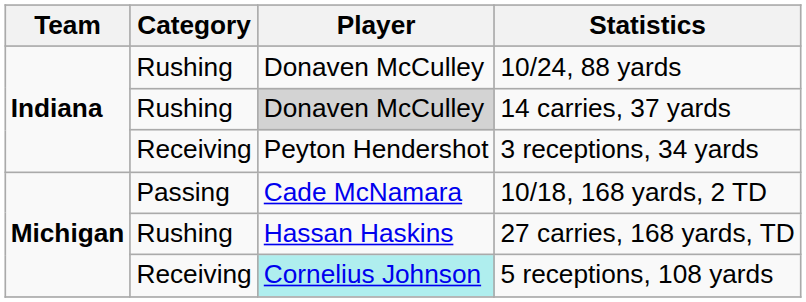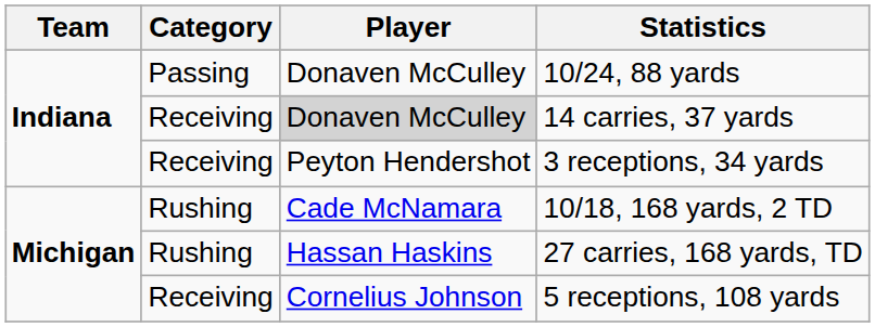 <table class="wikitable" style="float: right;">
 <tr>
 <th>Team</th>
 <th>Category</th>
 <th>Player</th>
 <th>Statistics</th>
 </tr>
 <tr>
 <td rowspan=3><strong>Indiana</strong></td>
-<td>Rushing</td>
+<td>Passing</td>
 <td>Donaven McCulley</td>
 <td>10/24, 88 yards</td>
 </tr>
 <tr>
-<td>Rushing</td>
+<td>Receiving</td>
 <td style="background: lightgrey;">Donaven McCulley</td>
 <td>14 carries, 37 yards</td>
 </tr>
 <tr>
 <td>Receiving</td>
 <td>Peyton Hendershot</td>
 <td>3 receptions, 34 yards</td>
 </tr>
 <tr>
 <td rowspan=3><strong>Michigan</strong></td>
-<td>Passing</td>
+<td>Rushing</td>
 <td><a href='#'>Cade McNamara</a></td>
 <td>10/18, 168 yards, 2 TD</td>
 </tr>
 <tr>
 <td>Rushing</td>
 <td><a href='#'>Hassan Haskins</a></td>
 <td>27 carries, 168 yards, TD</td>
 </tr>
 <tr>
 <td>Receiving</td>
-<td style="background: paleturquoise;"><a href='#'>Cornelius Johnson</a></td>
+<td><a href='#'>Cornelius Johnson</a></td>
 <td>5 receptions, 108 yards</td>
 </tr>
 </table>
